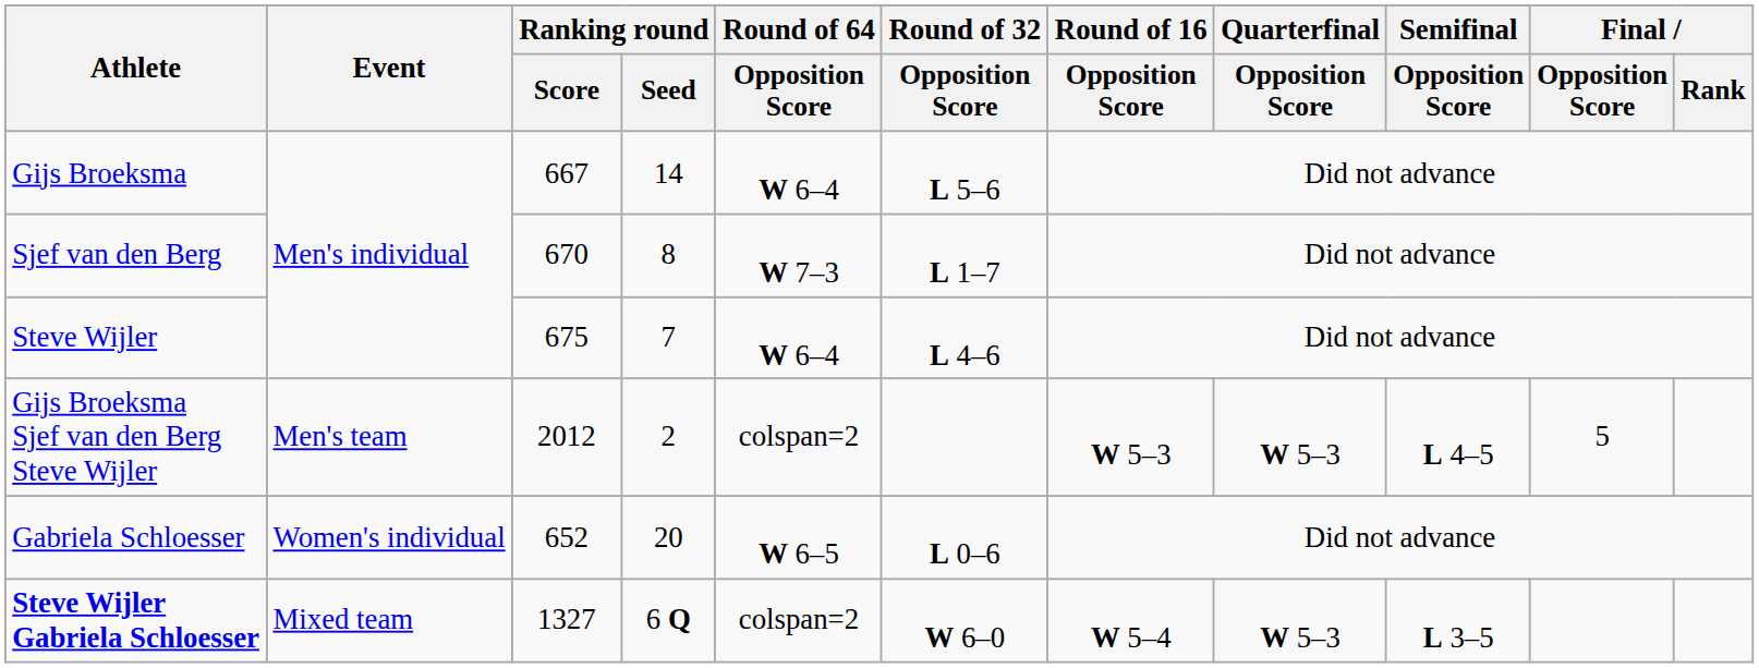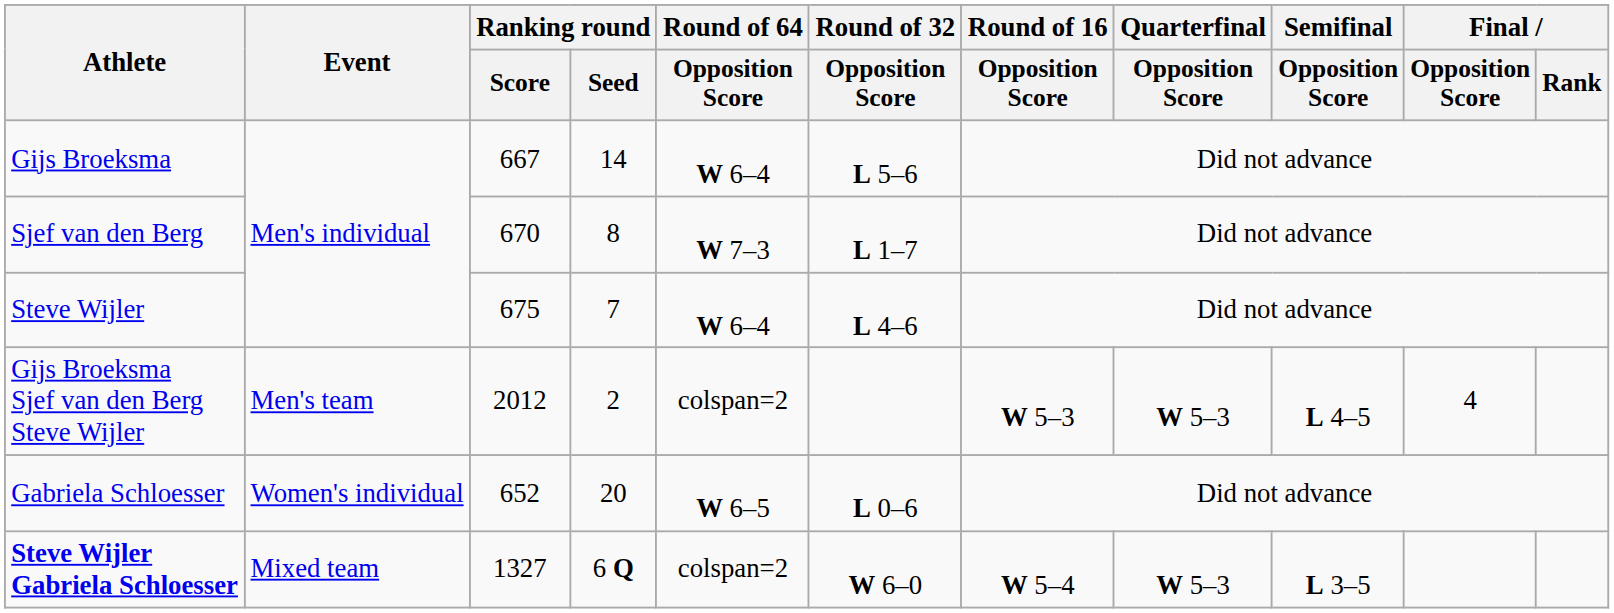 <table class="wikitable" style="font-size:90%">
 <tr>
 <th rowspan=2>Athlete</th>
 <th rowspan=2>Event</th>
 <th colspan="2">Ranking round</th>
 <th>Round of 64</th>
 <th>Round of 32</th>
 <th>Round of 16</th>
 <th>Quarterfinal</th>
 <th>Semifinal</th>
 <th colspan="2">Final / </th>
 </tr>
 <tr style="font-size:95%">
 <th>Score</th>
 <th>Seed</th>
 <th>Opposition<br>Score</th>
 <th>Opposition<br>Score</th>
 <th>Opposition<br>Score</th>
 <th>Opposition<br>Score</th>
 <th>Opposition<br>Score</th>
 <th>Opposition<br>Score</th>
 <th>Rank</th>
 </tr>
 <tr align=center>
 <td align=left><a href='#'>Gijs Broeksma</a></td>
 <td align=left rowspan=3><a href='#'>Men's individual</a></td>
 <td>667</td>
 <td>14</td>
 <td><br><strong>W</strong> 6–4</td>
 <td><br><strong>L</strong> 5–6</td>
 <td colspan=5>Did not advance</td>
 </tr>
 <tr align=center>
 <td align=left><a href='#'>Sjef van den Berg</a></td>
 <td>670</td>
 <td>8</td>
 <td><br><strong>W</strong> 7–3</td>
 <td><br><strong>L</strong> 1–7</td>
 <td colspan=5>Did not advance</td>
 </tr>
 <tr align=center>
 <td align=left><a href='#'>Steve Wijler</a></td>
 <td>675</td>
 <td>7</td>
 <td><br><strong>W</strong> 6–4</td>
 <td><br><strong>L</strong> 4–6</td>
 <td colspan=5>Did not advance</td>
 </tr>
 <tr align=center>
 <td align=left><a href='#'>Gijs Broeksma</a><br><a href='#'>Sjef van den Berg</a><br><a href='#'>Steve Wijler</a></td>
 <td align=left><a href='#'>Men's team</a></td>
 <td>2012</td>
 <td>2</td>
 <td>colspan=2 </td>
 <td></td>
 <td><br><strong>W</strong> 5–3</td>
 <td><br><strong>W</strong> 5–3</td>
 <td><br><strong>L</strong> 4–5</td>
-<td>5</td>
+<td>4</td>
 </tr>
 <tr align=center>
 <td align=left><a href='#'>Gabriela Schloesser</a></td>
 <td align=left><a href='#'>Women's individual</a></td>
 <td>652</td>
 <td>20</td>
 <td><br><strong>W</strong> 6–5</td>
 <td><br><strong>L</strong> 0–6</td>
 <td colspan=5>Did not advance</td>
 </tr>
 <tr align=center>
 <td align=left><strong><a href='#'>Steve Wijler</a><br><a href='#'>Gabriela Schloesser</a></strong></td>
 <td align=left><a href='#'>Mixed team</a></td>
 <td>1327</td>
 <td>6 <strong>Q</strong></td>
 <td>colspan=2 </td>
 <td><br><strong>W</strong> 6–0</td>
 <td><br><strong>W</strong> 5–4</td>
 <td><br><strong>W</strong> 5–3</td>
 <td><br><strong>L</strong> 3–5</td>
 <td></td>
 </tr>
 </table>
